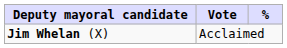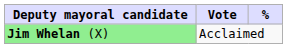 <table class="wikitable">
 <tr>
 <th style="background:#ddf; width:200px;">Deputy mayoral candidate</th>
 <th style="background:#ddf; width:50px;">Vote</th>
 <th style="background:#ddf; width:30px;">%</th>
 </tr>
 <tr>
-<td><strong>Jim Whelan</strong> (X)</td>
+<td style="background: lightgreen;"><strong>Jim Whelan</strong> (X)</td>
 <td colspan="2">Acclaimed</td>
 </tr>
 </table>
